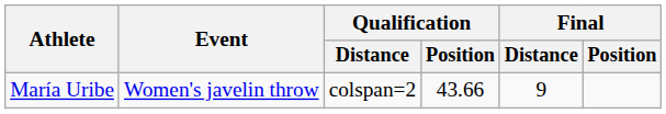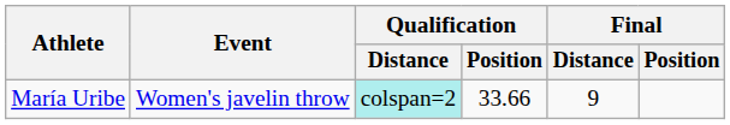 <table class=wikitable style="font-size:90%">
 <tr>
 <th rowspan="2">Athlete</th>
 <th rowspan="2">Event</th>
 <th colspan="2">Qualification</th>
 <th colspan="2">Final</th>
 </tr>
 <tr style="font-size:95%">
 <th>Distance</th>
 <th>Position</th>
 <th>Distance</th>
 <th>Position</th>
 </tr>
 <tr align=center>
 <td align=left><a href='#'>María Uribe</a></td>
 <td align=left><a href='#'>Women's javelin throw</a></td>
-<td>colspan=2 </td>
-<td>43.66</td>
+<td style="background: paleturquoise;">colspan=2 </td>
+<td>33.66</td>
 <td>9</td>
 </tr>
 </table>
